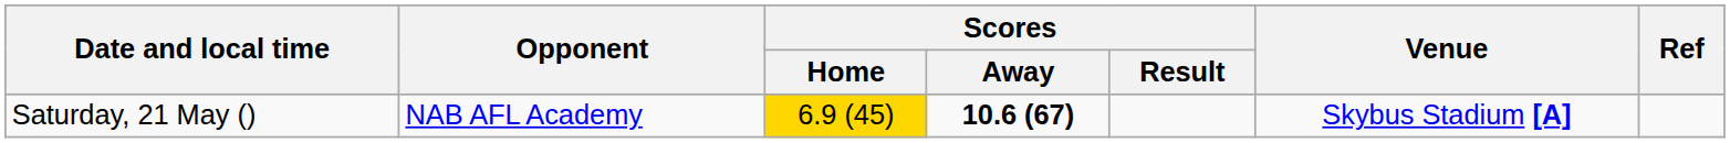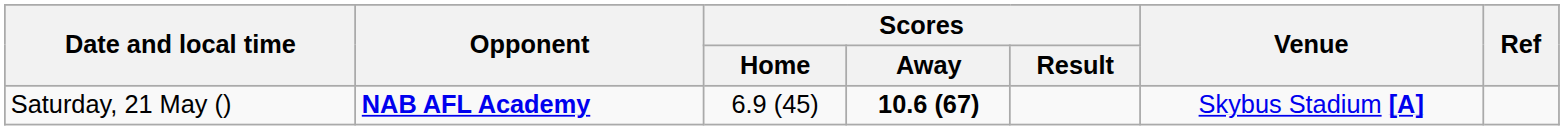 <table class="wikitable plainrowheaders" style="font-size:90%; width:100%; text-align:center;">
 <tr>
 <th scope="col" rowspan=2>Date and local time</th>
 <th scope="col" rowspan=2>Opponent</th>
 <th scope="col" colspan=3>Scores</th>
 <th scope="col" rowspan=2>Venue</th>
 <th scope="col" rowspan=2>Ref</th>
 </tr>
 <tr>
 <th scope="col">Home</th>
 <th scope="col">Away</th>
 <th scope="col">Result</th>
 </tr>
 <tr>
 <td align=left>Saturday, 21 May ()</td>
-<td align=left><a href='#'>NAB AFL Academy</a></td>
-<td style="background: gold;">6.9 (45)</td>
+<td align=left><strong><a href='#'>NAB AFL Academy</a></strong></td>
+<td>6.9 (45)</td>
 <td><strong>10.6 (67)</strong></td>
 <td></td>
 <td><a href='#'>Skybus Stadium</a> <a href='#'><strong>[A]</strong></a></td>
 <td></td>
 </tr>
 </table>
